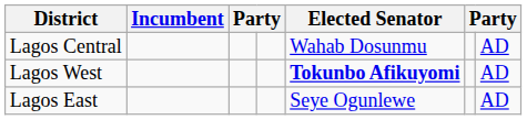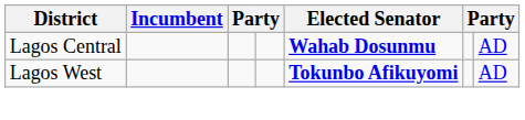 <table class="sortable wikitable" style="font-size:95%;line-height:14px;">
 <tr>
 <th class="unsortable">District</th>
 <th class="unsortable"><a href='#'>Incumbent</a></th>
 <th colspan="2">Party</th>
 <th class="unsortable">Elected Senator</th>
 <th colspan="2">Party</th>
 </tr>
 <tr>
 <td>Lagos Central</td>
 <td></td>
 <td></td>
 <td></td>
-<td><a href='#'>Wahab Dosunmu</a></td>
+<td><strong><a href='#'>Wahab Dosunmu</a></strong></td>
 <td style="background:"></td>
 <td><a href='#'>AD</a></td>
 </tr>
 <tr>
 <td>Lagos West</td>
 <td></td>
 <td></td>
 <td></td>
 <td><strong><a href='#'>Tokunbo Afikuyomi</a></strong></td>
 <td style="background:"></td>
 <td><a href='#'>AD</a></td>
 </tr>
-<tr>
-<td>Lagos East</td>
-<td></td>
-<td></td>
-<td></td>
-<td><a href='#'>Seye Ogunlewe</a></td>
-<td style="background:"></td>
-<td><a href='#'>AD</a></td>
-</tr>
 </table>
